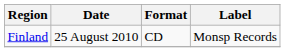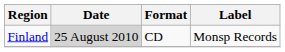 <table class=wikitable>
 <tr>
 <th>Region</th>
 <th>Date</th>
 <th>Format</th>
 <th>Label</th>
 </tr>
 <tr>
 <td><a href='#'>Finland</a></td>
-<td>25 August 2010</td>
+<td style="background: lightgrey;">25 August 2010</td>
 <td>CD</td>
 <td>Monsp Records</td>
 </tr>
 <tr>
 </tr>
 </table>
